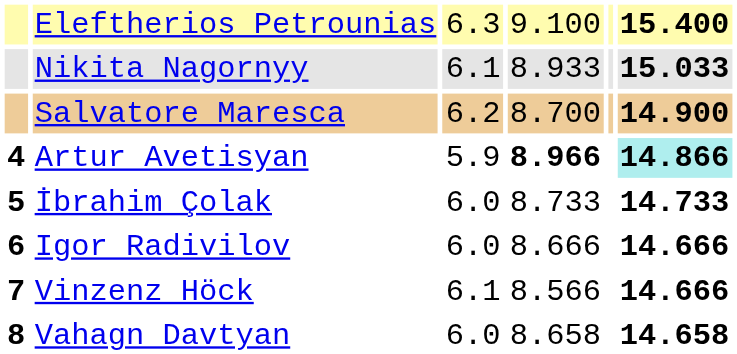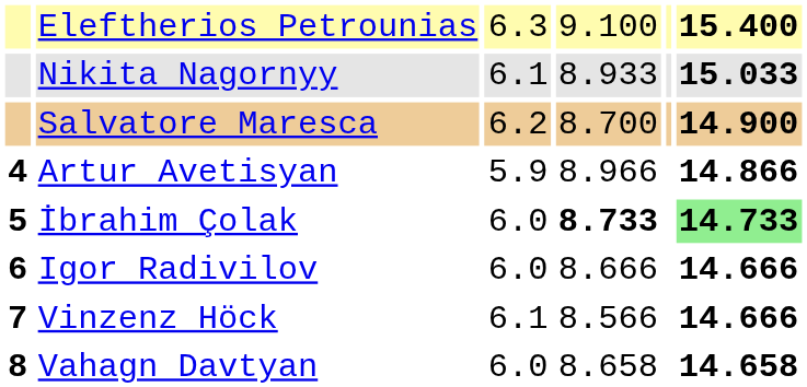 <table>
 <tr style="background: #fffcaf">
 <th scope=row style="text-align:center"></th>
 <td style="text-align:left;"> <a href='#'>Eleftherios Petrounias</a></td>
 <td>6.3</td>
 <td>9.100</td>
 <td></td>
 <td><strong>15.400</strong></td>
 </tr>
 <tr style="background: #e5e5e5">
 <th scope=row style="text-align:center"></th>
 <td style="text-align:left;"> <a href='#'>Nikita Nagornyy</a></td>
 <td>6.1</td>
 <td>8.933</td>
 <td></td>
 <td><strong>15.033</strong></td>
 </tr>
 <tr style="background:#ec9;">
 <th scope=row style="text-align:center"></th>
 <td style="text-align:left;"> <a href='#'>Salvatore Maresca</a></td>
 <td>6.2</td>
 <td>8.700</td>
 <td></td>
 <td><strong>14.900</strong></td>
 </tr>
 <tr>
 <th scope=row style="text-align:center">4</th>
 <td style="text-align:left;"> <a href='#'>Artur Avetisyan</a></td>
 <td>5.9</td>
-<td><strong>8.966</strong></td>
+<td>8.966</td>
 <td></td>
-<td style="background: paleturquoise;"><strong>14.866</strong></td>
+<td><strong>14.866</strong></td>
 </tr>
 <tr>
 <th scope=row style="text-align:center">5</th>
 <td style="text-align:left;"> <a href='#'> İbrahim Çolak</a></td>
 <td>6.0</td>
-<td>8.733</td>
+<td><strong>8.733</strong></td>
 <td></td>
-<td><strong>14.733</strong></td>
+<td style="background: lightgreen;"><strong>14.733</strong></td>
 </tr>
 <tr>
 <th scope=row style="text-align:center">6</th>
 <td style="text-align:left;"> <a href='#'>Igor Radivilov</a></td>
 <td>6.0</td>
 <td>8.666</td>
 <td></td>
 <td><strong>14.666</strong></td>
 </tr>
 <tr>
 <th scope=row style="text-align:center">7</th>
 <td style="text-align:left;"> <a href='#'>Vinzenz Höck</a></td>
 <td>6.1</td>
 <td>8.566</td>
 <td></td>
 <td><strong>14.666</strong></td>
 </tr>
 <tr>
 <th scope=row style="text-align:center">8</th>
 <td style="text-align:left;"> <a href='#'>Vahagn Davtyan</a></td>
 <td>6.0</td>
 <td>8.658</td>
 <td></td>
 <td><strong>14.658</strong></td>
 </tr>
 </table>
